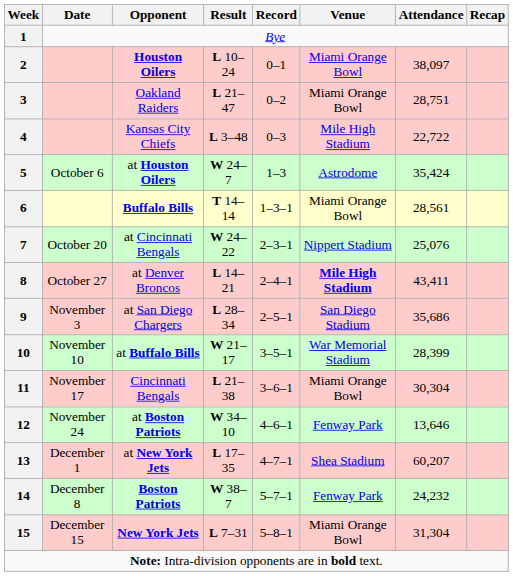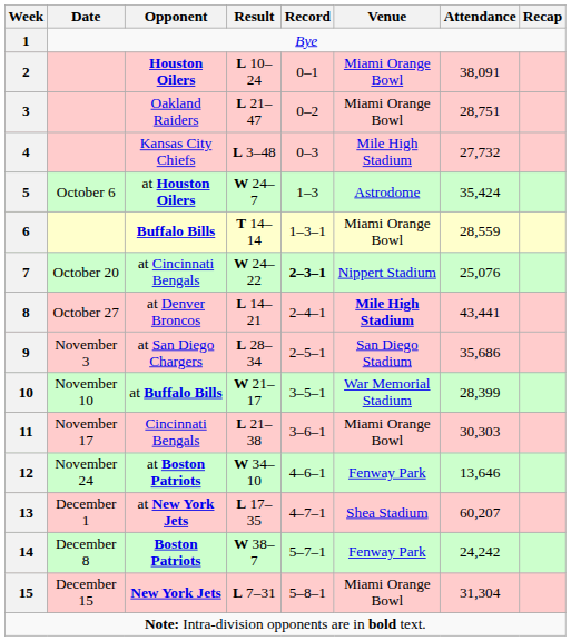 <table class="wikitable" style="text-align:center">
 <tr>
 <th>Week</th>
 <th>Date</th>
 <th>Opponent</th>
 <th>Result</th>
 <th>Record</th>
 <th>Venue</th>
 <th>Attendance</th>
 <th>Recap</th>
 </tr>
 <tr>
 <th>1</th>
 <td colspan=7 align="center"><em><a href='#'>Bye</a></em></td>
 </tr>
 <tr style="background:#fcc">
 <th>2</th>
 <td></td>
 <td><strong><a href='#'>Houston Oilers</a></strong></td>
 <td><strong>L</strong> 10–24</td>
 <td>0–1</td>
 <td><a href='#'>Miami Orange Bowl</a></td>
-<td>38,097</td>
+<td>38,091</td>
 <td></td>
 </tr>
 <tr style="background:#fcc">
 <th>3</th>
 <td></td>
 <td><a href='#'>Oakland Raiders</a></td>
 <td><strong>L</strong> 21–47</td>
 <td>0–2</td>
 <td>Miami Orange Bowl</td>
 <td>28,751</td>
 <td></td>
 </tr>
 <tr style="background:#fcc">
 <th>4</th>
 <td></td>
 <td><a href='#'>Kansas City Chiefs</a></td>
 <td><strong>L</strong> 3–48</td>
 <td>0–3</td>
 <td><a href='#'>Mile High Stadium</a></td>
-<td>22,722</td>
+<td>27,732</td>
 <td></td>
 </tr>
 <tr style="background:#cfc">
 <th>5</th>
 <td>October 6</td>
 <td>at <strong><a href='#'>Houston Oilers</a></strong></td>
 <td><strong>W</strong> 24–7</td>
 <td>1–3</td>
 <td><a href='#'>Astrodome</a></td>
 <td>35,424</td>
 <td></td>
 </tr>
 <tr style="background:#ffc">
 <th>6</th>
 <td></td>
 <td><strong><a href='#'>Buffalo Bills</a></strong></td>
 <td><strong>T</strong> 14–14</td>
 <td>1–3–1</td>
 <td>Miami Orange Bowl</td>
-<td>28,561</td>
+<td>28,559</td>
 <td></td>
 </tr>
 <tr style="background:#cfc">
 <th>7</th>
 <td>October 20</td>
 <td>at <a href='#'>Cincinnati Bengals</a></td>
 <td><strong>W</strong> 24–22</td>
-<td>2–3–1</td>
+<td><strong>2–3–1</strong></td>
 <td><a href='#'>Nippert Stadium</a></td>
 <td>25,076</td>
 <td></td>
 </tr>
 <tr style="background:#fcc">
 <th>8</th>
 <td>October 27</td>
 <td>at <a href='#'>Denver Broncos</a></td>
 <td><strong>L</strong> 14–21</td>
 <td>2–4–1</td>
 <td><strong><a href='#'>Mile High Stadium</a></strong></td>
-<td>43,411</td>
+<td>43,441</td>
 <td></td>
 </tr>
 <tr style="background:#fcc">
 <th>9</th>
 <td>November 3</td>
 <td>at <a href='#'>San Diego Chargers</a></td>
 <td><strong>L</strong> 28–34</td>
 <td>2–5–1</td>
 <td><a href='#'>San Diego Stadium</a></td>
 <td>35,686</td>
 <td></td>
 </tr>
 <tr style="background:#cfc">
 <th>10</th>
 <td>November 10</td>
 <td>at <strong><a href='#'>Buffalo Bills</a></strong></td>
 <td><strong>W</strong> 21–17</td>
 <td>3–5–1</td>
 <td><a href='#'>War Memorial Stadium</a></td>
 <td>28,399</td>
 <td></td>
 </tr>
 <tr style="background:#fcc">
 <th>11</th>
 <td>November 17</td>
 <td><a href='#'>Cincinnati Bengals</a></td>
 <td><strong>L</strong> 21–38</td>
 <td>3–6–1</td>
 <td>Miami Orange Bowl</td>
-<td>30,304</td>
+<td>30,303</td>
 <td></td>
 </tr>
 <tr style="background:#cfc">
 <th>12</th>
 <td>November 24</td>
 <td>at <strong><a href='#'>Boston Patriots</a></strong></td>
 <td><strong>W</strong> 34–10</td>
 <td>4–6–1</td>
 <td><a href='#'>Fenway Park</a></td>
 <td>13,646</td>
 <td></td>
 </tr>
 <tr style="background:#fcc">
 <th>13</th>
 <td>December 1</td>
 <td>at <strong><a href='#'>New York Jets</a></strong></td>
 <td><strong>L</strong> 17–35</td>
 <td>4–7–1</td>
 <td><a href='#'>Shea Stadium</a></td>
 <td>60,207</td>
 <td></td>
 </tr>
 <tr style="background:#cfc">
 <th>14</th>
 <td>December 8</td>
 <td><strong><a href='#'>Boston Patriots</a></strong></td>
 <td><strong>W</strong> 38–7</td>
 <td>5–7–1</td>
 <td><a href='#'>Fenway Park</a></td>
-<td>24,232</td>
+<td>24,242</td>
 <td></td>
 </tr>
 <tr style="background:#fcc">
 <th>15</th>
 <td>December 15</td>
 <td><strong><a href='#'>New York Jets</a></strong></td>
 <td><strong>L</strong> 7–31</td>
 <td>5–8–1</td>
 <td>Miami Orange Bowl</td>
 <td>31,304</td>
 <td></td>
 </tr>
 <tr>
 <td colspan="8"><strong>Note:</strong> Intra-division opponents are in <strong>bold</strong> text.</td>
 </tr>
 </table>
